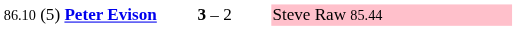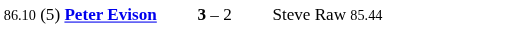 <table style="text-align:center">
 <tr>
 <th width=223></th>
 <th width=100></th>
 <th width=223></th>
 </tr>
 <tr>
 <td align=right><small>86.10</small> (5) <strong><a href='#'>Peter Evison</a></strong> </td>
 <td><strong>3</strong> – 2</td>
-<td align=left style="background: pink;"> Steve Raw <small>85.44</small></td>
+<td align=left> Steve Raw <small>85.44</small></td>
 </tr>
 </table>
